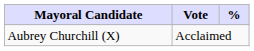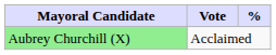 <table class="wikitable">
 <tr>
 <th style="background:#ddf; width:200px;">Mayoral Candidate </th>
 <th style="background:#ddf; width:50px;">Vote</th>
 <th style="background:#ddf; width:30px;">%</th>
 </tr>
 <tr>
-<td>Aubrey Churchill (X)</td>
+<td style="background: lightgreen;">Aubrey Churchill (X)</td>
 <td colspan="2">Acclaimed</td>
 </tr>
 </table>
